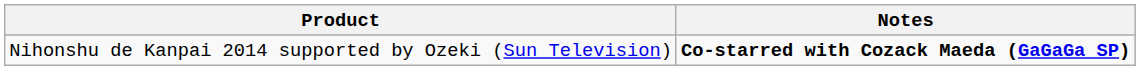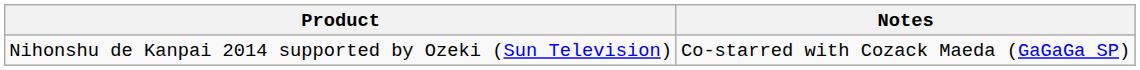 <table class="wikitable">
 <tr>
 <th>Product</th>
 <th>Notes</th>
 </tr>
 <tr>
 <td>Nihonshu de Kanpai 2014 supported by Ozeki (<a href='#'>Sun Television</a>)</td>
-<td><strong>Co-starred with Cozack Maeda (<a href='#'>GaGaGa SP</a>)</strong></td>
+<td>Co-starred with Cozack Maeda (<a href='#'>GaGaGa SP</a>)</td>
 </tr>
 </table>
